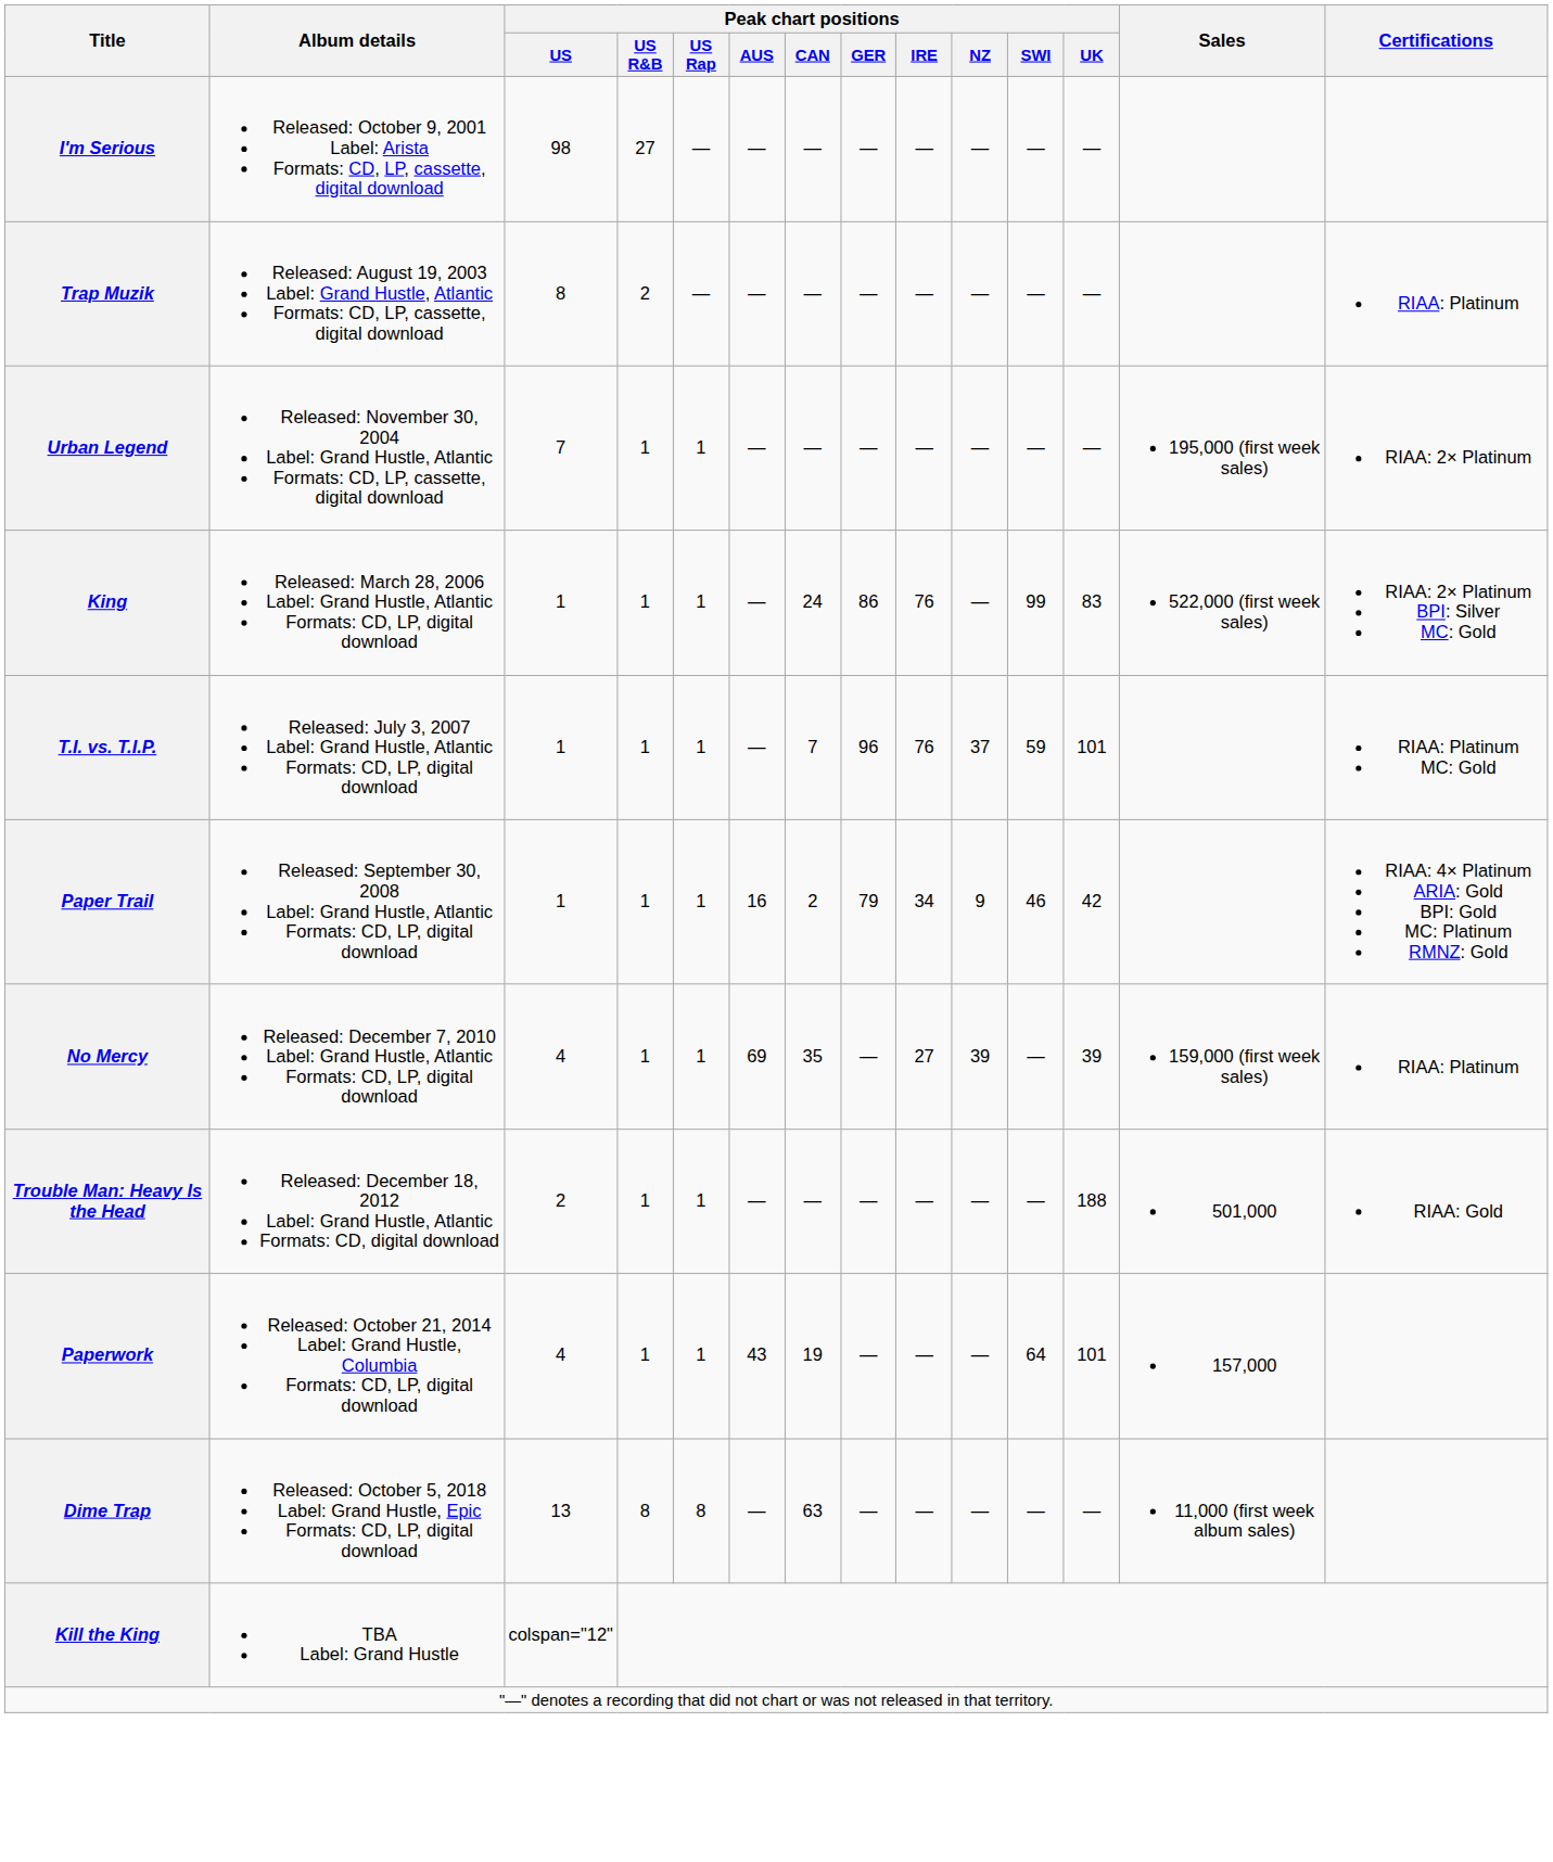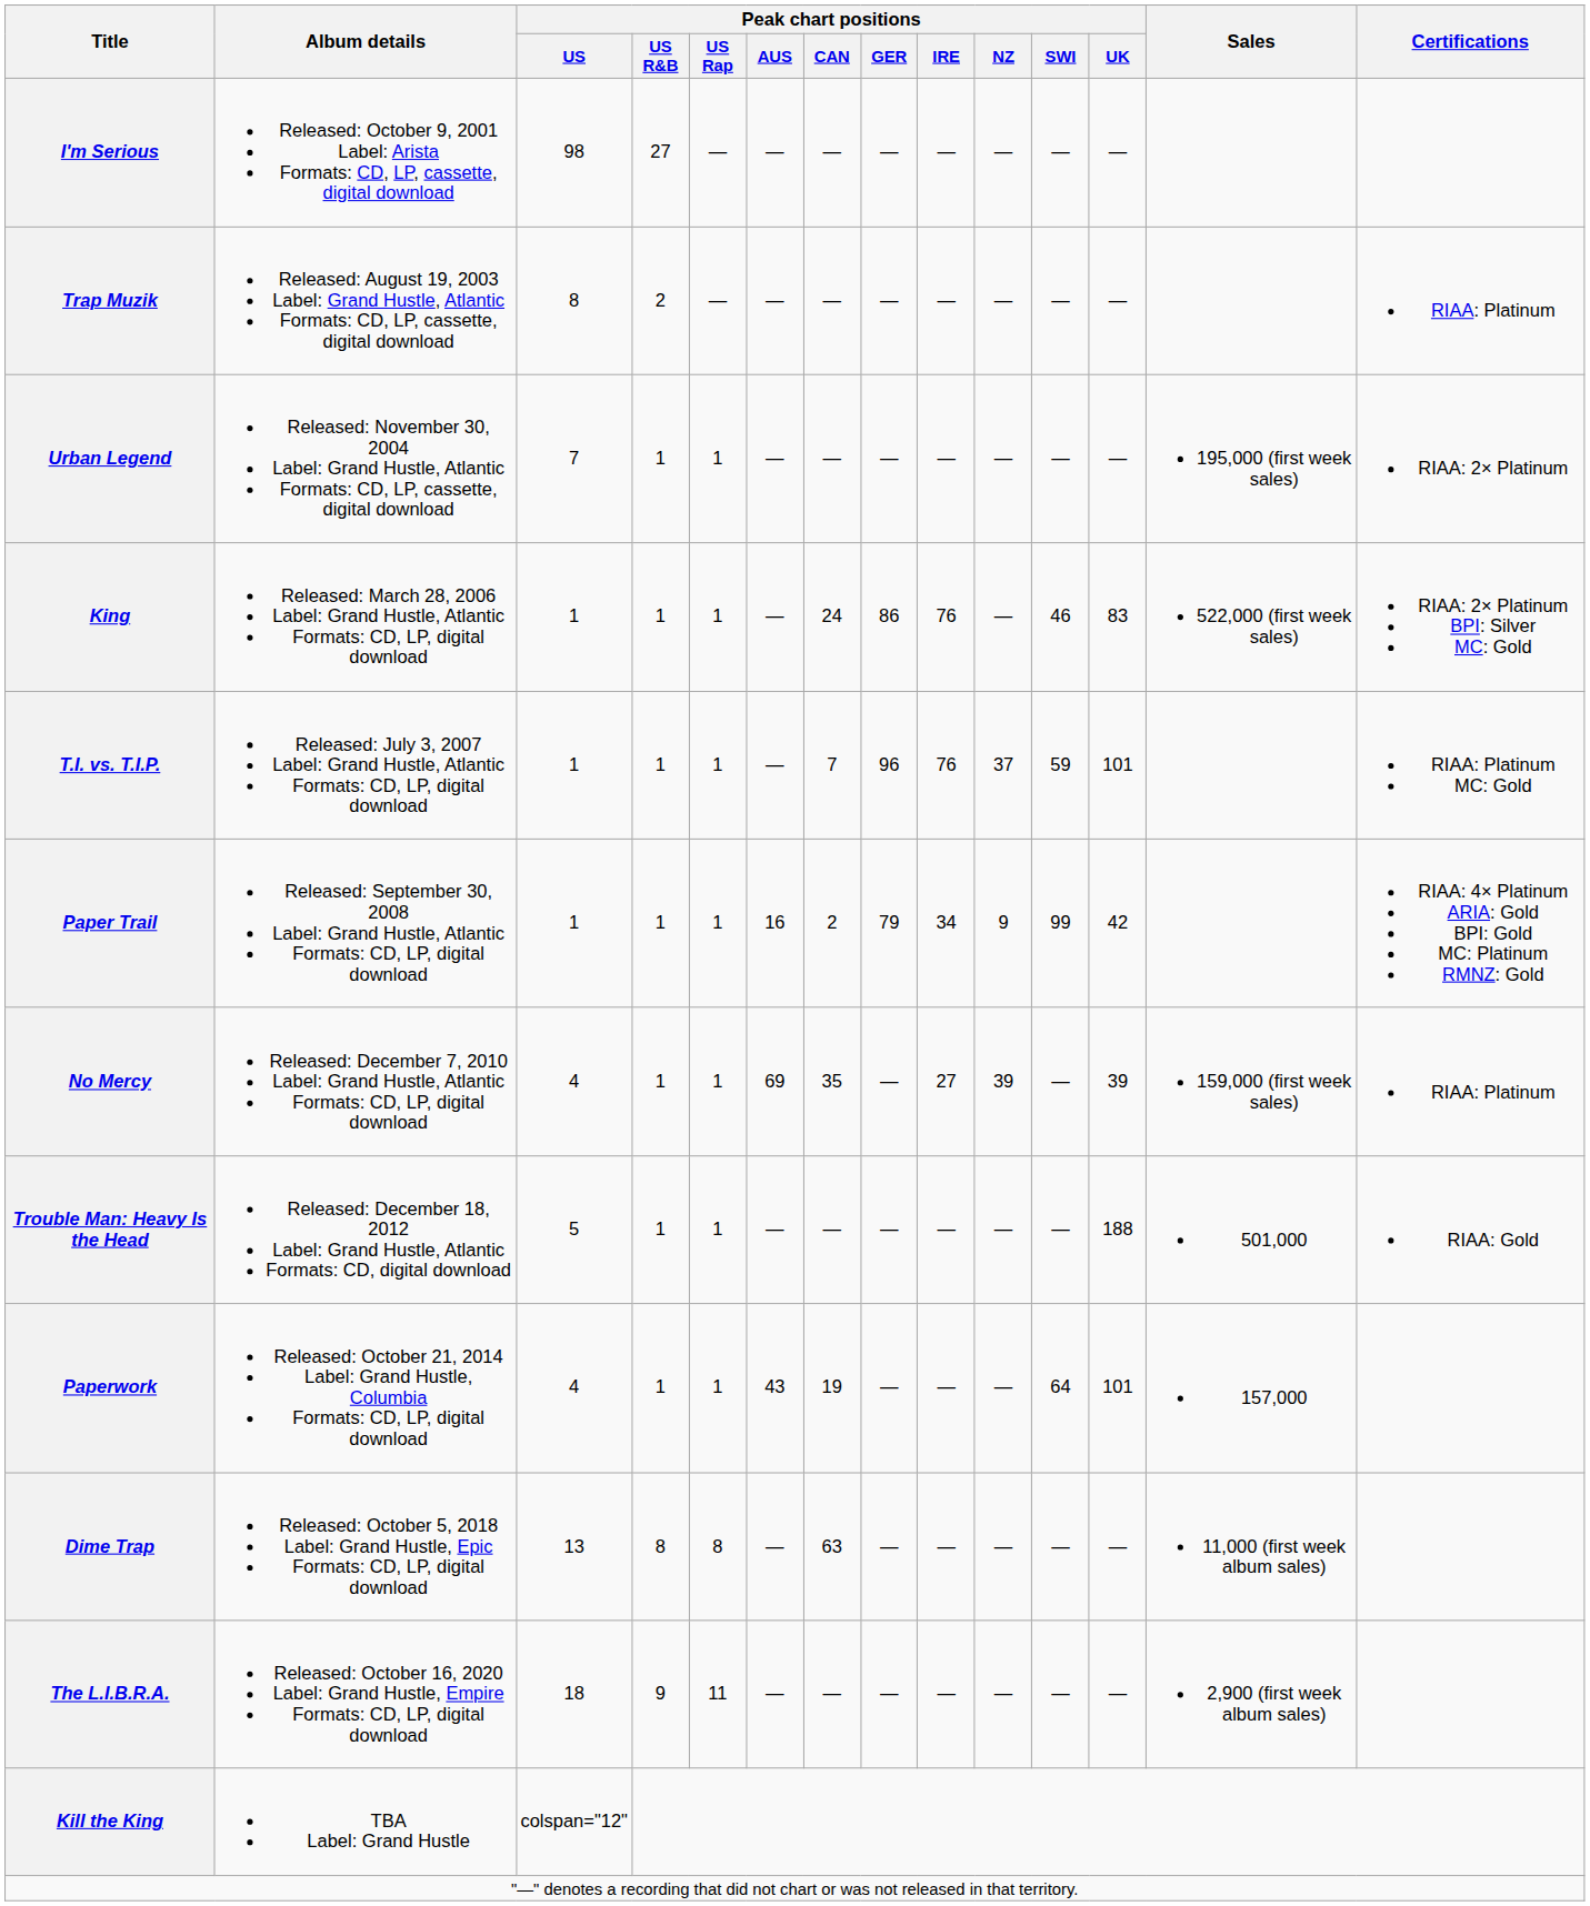 <table class="wikitable plainrowheaders" style="text-align:center;">
 <tr>
 <th scope="col" rowspan="2" style="width:11em;">Title</th>
 <th scope="col" rowspan="2" style="width:16em;">Album details</th>
 <th scope="col" colspan="10">Peak chart positions</th>
 <th rowspan="2" scope="col" style="width:11em;">Sales</th>
 <th scope="col" rowspan="2" style="width:12em;"><a href='#'>Certifications</a></th>
 </tr>
 <tr>
 <th scope="col" style="width:3em;font-size:90%;"><a href='#'>US</a><br></th>
 <th scope="col" style="width:3em;font-size:90%;"><a href='#'>US R&B</a><br></th>
 <th scope="col" style="width:3em;font-size:90%;"><a href='#'>US<br>Rap</a><br></th>
 <th scope="col" style="width:3em;font-size:90%;"><a href='#'>AUS</a><br></th>
 <th scope="col" style="width:3em;font-size:90%;"><a href='#'>CAN</a><br></th>
 <th scope="col" style="width:3em;font-size:90%;"><a href='#'>GER</a><br></th>
 <th scope="col" style="width:3em;font-size:90%;"><a href='#'>IRE</a><br></th>
 <th scope="col" style="width:3em;font-size:90%;"><a href='#'>NZ</a><br></th>
 <th scope="col" style="width:3em;font-size:90%;"><a href='#'>SWI</a><br></th>
 <th scope="col" style="width:3em;font-size:90%;"><a href='#'>UK</a><br></th>
 </tr>
 <tr>
 <th scope="row"><em><a href='#'>I'm Serious</a></em></th>
 <td><br><ul><li>Released: October 9, 2001</li><li>Label: <a href='#'>Arista</a></li><li>Formats: <a href='#'>CD</a>, <a href='#'>LP</a>, <a href='#'>cassette</a>, <a href='#'>digital download</a></li></ul></td>
 <td>98</td>
 <td>27</td>
 <td>—</td>
 <td>—</td>
 <td>—</td>
 <td>—</td>
 <td>—</td>
 <td>—</td>
 <td>—</td>
 <td>—</td>
 <td></td>
 <td></td>
 </tr>
 <tr>
 <th scope="row"><em><a href='#'>Trap Muzik</a></em></th>
 <td><br><ul><li>Released: August 19, 2003</li><li>Label: <a href='#'>Grand Hustle</a>, <a href='#'>Atlantic</a></li><li>Formats: CD, LP, cassette, digital download</li></ul></td>
 <td>8</td>
 <td>2</td>
 <td>—</td>
 <td>—</td>
 <td>—</td>
 <td>—</td>
 <td>—</td>
 <td>—</td>
 <td>—</td>
 <td>—</td>
 <td></td>
 <td><br><ul><li><a href='#'>RIAA</a>: Platinum</li></ul></td>
 </tr>
 <tr>
 <th scope="row"><em><a href='#'>Urban Legend</a></em></th>
 <td><br><ul><li>Released: November 30, 2004</li><li>Label: Grand Hustle, Atlantic</li><li>Formats: CD, LP, cassette, digital download</li></ul></td>
 <td>7</td>
 <td>1</td>
 <td>1</td>
 <td>—</td>
 <td>—</td>
 <td>—</td>
 <td>—</td>
 <td>—</td>
 <td>—</td>
 <td>—</td>
 <td><br><ul><li>195,000 (first week sales)</li></ul></td>
 <td><br><ul><li>RIAA: 2× Platinum</li></ul></td>
 </tr>
 <tr>
 <th scope="row"><em><a href='#'>King</a></em></th>
 <td><br><ul><li>Released: March 28, 2006</li><li>Label: Grand Hustle, Atlantic</li><li>Formats: CD, LP, digital download</li></ul></td>
 <td>1</td>
 <td>1</td>
 <td>1</td>
 <td>—</td>
 <td>24</td>
 <td>86</td>
 <td>76</td>
 <td>—</td>
-<td>99</td>
+<td>46</td>
 <td>83</td>
 <td><br><ul><li>522,000 (first week sales)</li></ul></td>
 <td><br><ul><li>RIAA: 2× Platinum</li><li><a href='#'>BPI</a>: Silver</li><li><a href='#'>MC</a>: Gold</li></ul></td>
 </tr>
 <tr>
 <th scope="row"><em><a href='#'>T.I. vs. T.I.P.</a></em></th>
 <td><br><ul><li>Released: July 3, 2007</li><li>Label: Grand Hustle, Atlantic</li><li>Formats: CD, LP, digital download</li></ul></td>
 <td>1</td>
 <td>1</td>
 <td>1</td>
 <td>—</td>
 <td>7</td>
 <td>96</td>
 <td>76</td>
 <td>37</td>
 <td>59</td>
 <td>101</td>
 <td></td>
 <td><br><ul><li>RIAA: Platinum</li><li>MC: Gold</li></ul></td>
 </tr>
 <tr>
 <th scope="row"><em><a href='#'>Paper Trail</a></em></th>
 <td><br><ul><li>Released: September 30, 2008</li><li>Label: Grand Hustle, Atlantic</li><li>Formats: CD, LP, digital download</li></ul></td>
 <td>1</td>
 <td>1</td>
 <td>1</td>
 <td>16</td>
 <td>2</td>
 <td>79</td>
 <td>34</td>
 <td>9</td>
-<td>46</td>
+<td>99</td>
 <td>42</td>
 <td></td>
 <td><br><ul><li>RIAA: 4× Platinum</li><li><a href='#'>ARIA</a>: Gold</li><li>BPI: Gold</li><li>MC: Platinum</li><li><a href='#'>RMNZ</a>: Gold</li></ul></td>
 </tr>
 <tr>
 <th scope="row"><em><a href='#'>No Mercy</a></em></th>
 <td><br><ul><li>Released: December 7, 2010</li><li>Label: Grand Hustle, Atlantic</li><li>Formats: CD, LP, digital download</li></ul></td>
 <td>4</td>
 <td>1</td>
 <td>1</td>
 <td>69</td>
 <td>35</td>
 <td>—</td>
 <td>27</td>
 <td>39</td>
 <td>—</td>
 <td>39</td>
 <td><br><ul><li>159,000 (first week sales)</li></ul></td>
 <td><br><ul><li>RIAA: Platinum</li></ul></td>
 </tr>
 <tr>
 <th scope="row"><em><a href='#'>Trouble Man: Heavy Is the Head</a></em></th>
 <td><br><ul><li>Released: December 18, 2012</li><li>Label: Grand Hustle, Atlantic</li><li>Formats: CD, digital download</li></ul></td>
-<td>2</td>
+<td>5</td>
 <td>1</td>
 <td>1</td>
 <td>—</td>
 <td>—</td>
 <td>—</td>
 <td>—</td>
 <td>—</td>
 <td>—</td>
 <td>188</td>
 <td><br><ul><li>501,000</li></ul></td>
 <td><br><ul><li>RIAA: Gold</li></ul></td>
 </tr>
 <tr>
 <th scope="row"><em><a href='#'>Paperwork</a></em></th>
 <td><br><ul><li>Released: October 21, 2014</li><li>Label: Grand Hustle, <a href='#'>Columbia</a></li><li>Formats: CD, LP, digital download</li></ul></td>
 <td>4</td>
 <td>1</td>
 <td>1</td>
 <td>43</td>
 <td>19</td>
 <td>—</td>
 <td>—</td>
 <td>—</td>
 <td>64</td>
 <td>101</td>
 <td><br><ul><li>157,000</li></ul></td>
 <td></td>
 </tr>
 <tr>
 <th scope="row"><em><a href='#'>Dime Trap</a></em></th>
 <td><br><ul><li>Released: October 5, 2018</li><li>Label: Grand Hustle, <a href='#'>Epic</a></li><li>Formats: CD, LP, digital download</li></ul></td>
 <td>13</td>
 <td>8</td>
 <td>8</td>
 <td>—</td>
 <td>63</td>
 <td>—</td>
 <td>—</td>
 <td>—</td>
 <td>—</td>
 <td>—</td>
 <td><br><ul><li>11,000 (first week album sales)</li></ul></td>
 <td></td>
 </tr>
 <tr>
+<th scope="row"><em><a href='#'>The L.I.B.R.A.</a></em></th>
+<td><br><ul><li>Released: October 16, 2020</li><li>Label: Grand Hustle, <a href='#'>Empire</a></li><li>Formats: CD, LP, digital download</li></ul></td>
+<td>18</td>
+<td>9</td>
+<td>11</td>
+<td>—</td>
+<td>—</td>
+<td>—</td>
+<td>—</td>
+<td>—</td>
+<td>—</td>
+<td>—</td>
+<td><br><ul><li>2,900 (first week album sales)</li></ul></td>
+<td></td>
+</tr>
+<tr>
 <th scope="row"><em><a href='#'>Kill the King</a></em></th>
 <td><br><ul><li>TBA</li><li>Label: Grand Hustle</li></ul></td>
 <td>colspan="12" </td>
 </tr>
 <tr>
 <td colspan="14" style="font-size:90%">"—" denotes a recording that did not chart or was not released in that territory.</td>
 </tr>
 </table>
